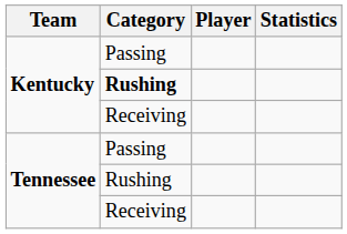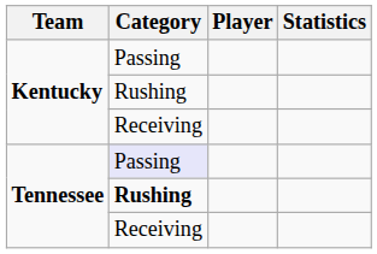 <table class="wikitable" style="float: right;">
 <tr>
 <th>Team</th>
 <th>Category</th>
 <th>Player</th>
 <th>Statistics</th>
 </tr>
 <tr>
 <td rowspan=3><strong>Kentucky</strong></td>
 <td>Passing</td>
 <td></td>
 <td></td>
 </tr>
 <tr>
-<td><strong>Rushing</strong></td>
+<td>Rushing</td>
 <td></td>
 <td></td>
 </tr>
 <tr>
 <td>Receiving</td>
 <td></td>
 <td></td>
 </tr>
 <tr>
 <td rowspan=3><strong>Tennessee</strong></td>
-<td>Passing</td>
+<td style="background: lavender;">Passing</td>
 <td></td>
 <td></td>
 </tr>
 <tr>
-<td>Rushing</td>
+<td><strong>Rushing</strong></td>
 <td></td>
 <td></td>
 </tr>
 <tr>
 <td>Receiving</td>
 <td></td>
 <td></td>
 </tr>
 </table>
